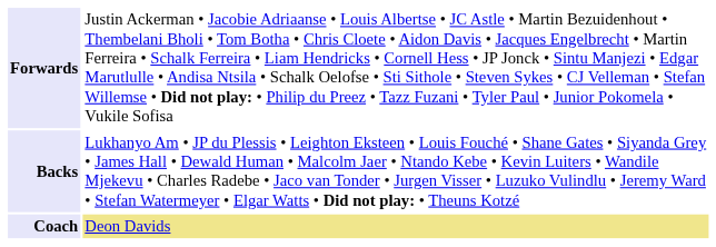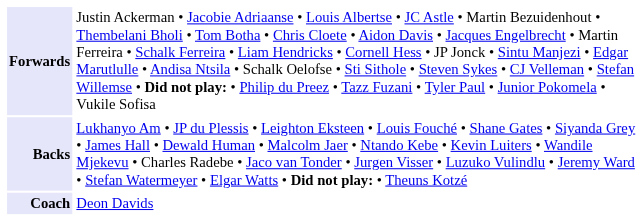 <table cellpadding="2" style="border: 1px solid white; font-size:90%;">
 <tr>
 <td style="text-align:right;" bgcolor="lavender"><strong>Forwards</strong></td>
 <td style="text-align:left;">Justin Ackerman • <a href='#'>Jacobie Adriaanse</a> • <a href='#'>Louis Albertse</a> • <a href='#'>JC Astle</a> • Martin Bezuidenhout • <a href='#'>Thembelani Bholi</a> • <a href='#'>Tom Botha</a> • <a href='#'>Chris Cloete</a> • <a href='#'>Aidon Davis</a> • <a href='#'>Jacques Engelbrecht</a> • Martin Ferreira • <a href='#'>Schalk Ferreira</a> • <a href='#'>Liam Hendricks</a> • <a href='#'>Cornell Hess</a> • JP Jonck • <a href='#'>Sintu Manjezi</a> • <a href='#'>Edgar Marutlulle</a> • <a href='#'>Andisa Ntsila</a> • Schalk Oelofse • <a href='#'>Sti Sithole</a> • <a href='#'>Steven Sykes</a> • <a href='#'>CJ Velleman</a> • <a href='#'>Stefan Willemse</a> • <strong>Did not play:</strong> • <a href='#'>Philip du Preez</a> • <a href='#'>Tazz Fuzani</a> • <a href='#'>Tyler Paul</a> • <a href='#'>Junior Pokomela</a> • Vukile Sofisa</td>
 </tr>
 <tr>
 <td style="text-align:right;" bgcolor="lavender"><strong>Backs</strong></td>
 <td style="text-align:left;"><a href='#'>Lukhanyo Am</a> • <a href='#'>JP du Plessis</a> • <a href='#'>Leighton Eksteen</a> • <a href='#'>Louis Fouché</a> • <a href='#'>Shane Gates</a> • <a href='#'>Siyanda Grey</a> • <a href='#'>James Hall</a> • <a href='#'>Dewald Human</a> • <a href='#'>Malcolm Jaer</a> • <a href='#'>Ntando Kebe</a> • <a href='#'>Kevin Luiters</a> • <a href='#'>Wandile Mjekevu</a> • Charles Radebe • <a href='#'>Jaco van Tonder</a> • <a href='#'>Jurgen Visser</a> • <a href='#'>Luzuko Vulindlu</a> • <a href='#'>Jeremy Ward</a> • <a href='#'>Stefan Watermeyer</a> • <a href='#'>Elgar Watts</a> • <strong>Did not play:</strong> • <a href='#'>Theuns Kotzé</a></td>
 </tr>
 <tr>
 <td style="text-align:right;" bgcolor="lavender"><strong>Coach</strong></td>
-<td style="background: khaki; text-align:left;"><a href='#'>Deon Davids</a></td>
+<td style="text-align:left;"><a href='#'>Deon Davids</a></td>
 </tr>
 </table>
